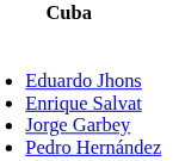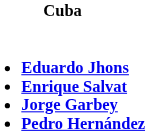 <table>
 <tr>
 <th>Cuba</th>
 </tr>
 <tr>
-<td><br><ul><li><a href='#'>Eduardo Jhons</a></li><li><a href='#'>Enrique Salvat</a></li><li><a href='#'>Jorge Garbey</a></li><li><a href='#'>Pedro Hernández</a></li></ul></td>
+<td><strong><br><ul><li><a href='#'>Eduardo Jhons</a></li><li><a href='#'>Enrique Salvat</a></li><li><a href='#'>Jorge Garbey</a></li><li><a href='#'>Pedro Hernández</a></li></ul></strong></td>
 </tr>
 </table>
